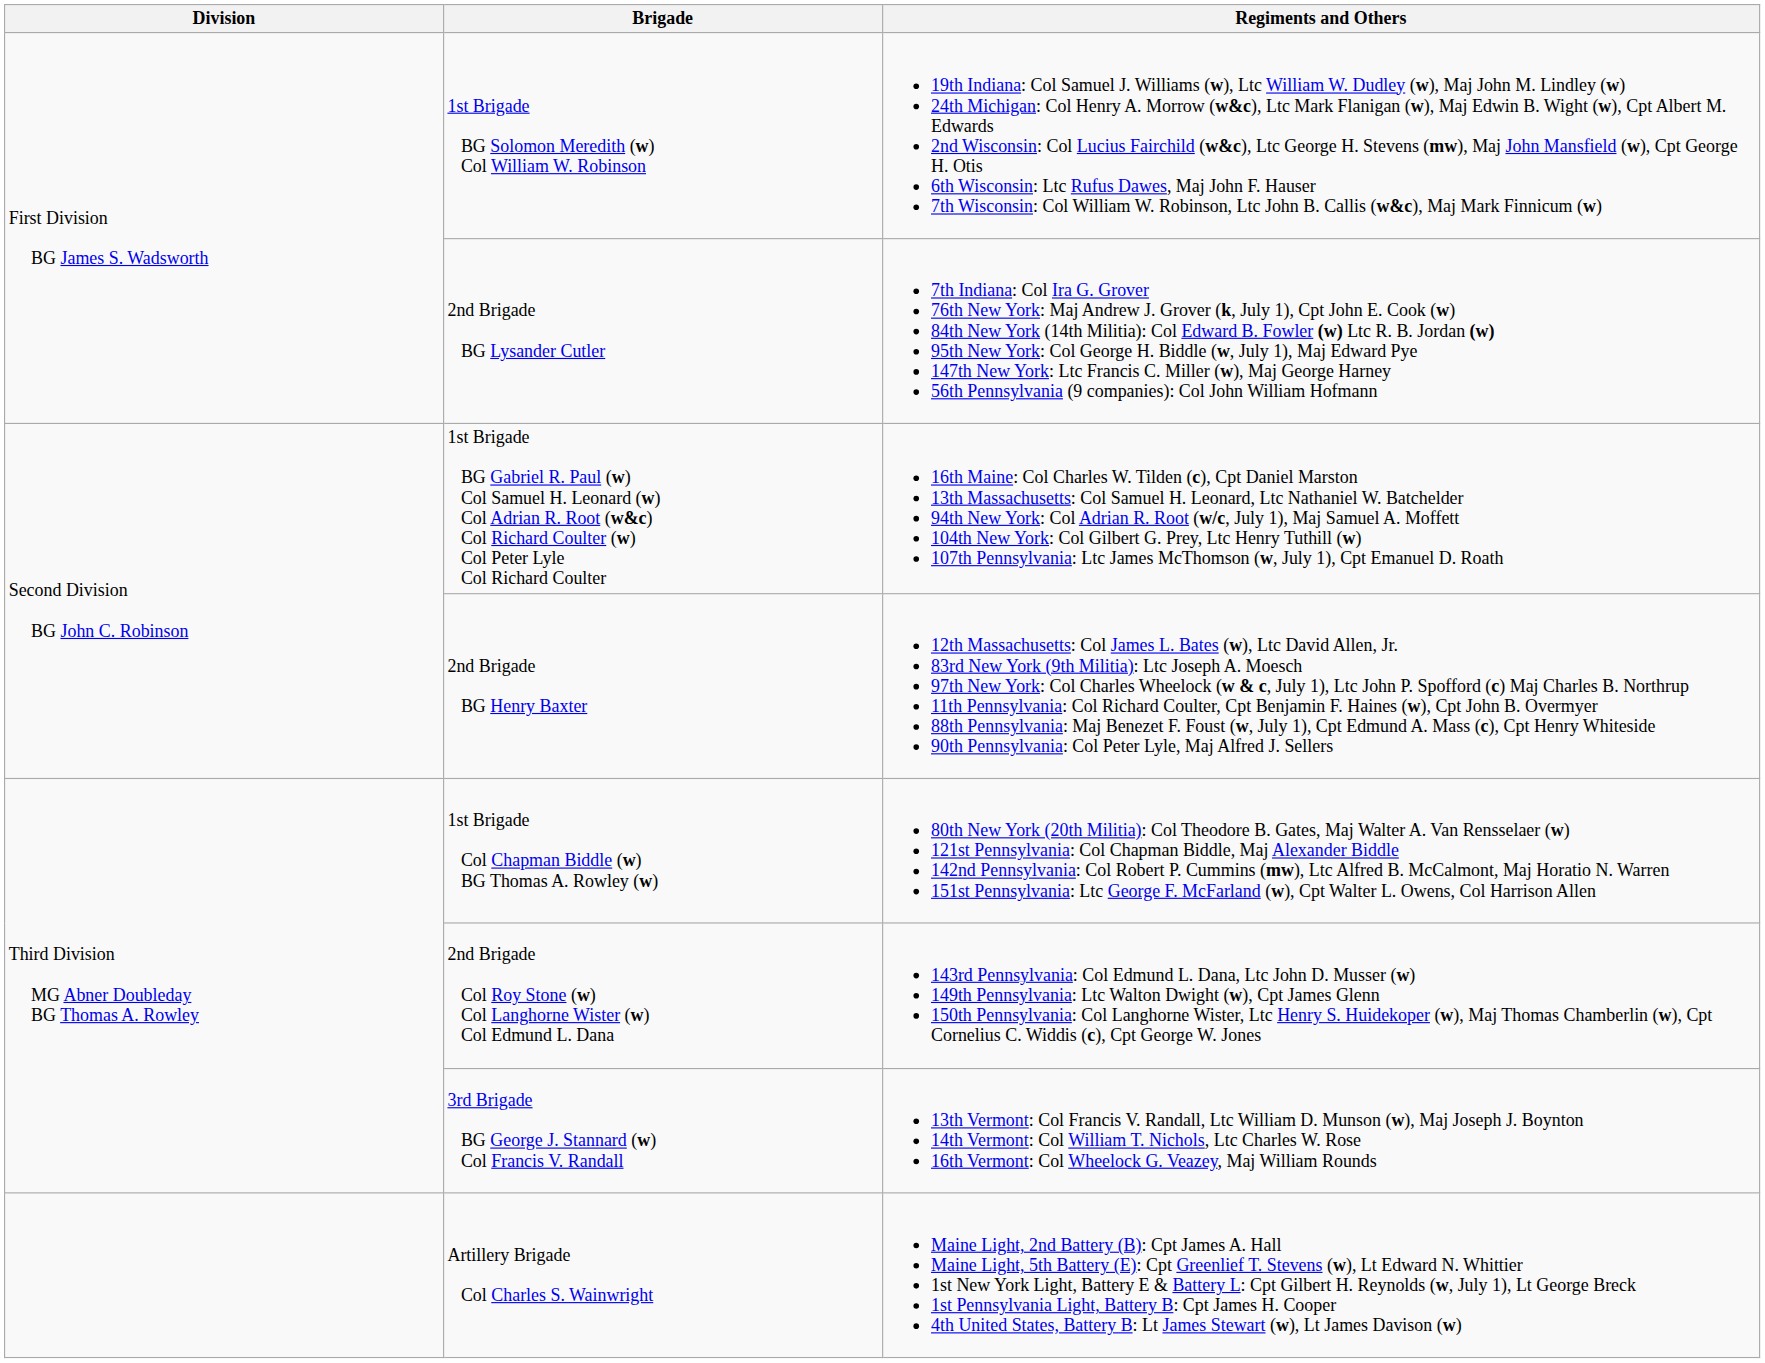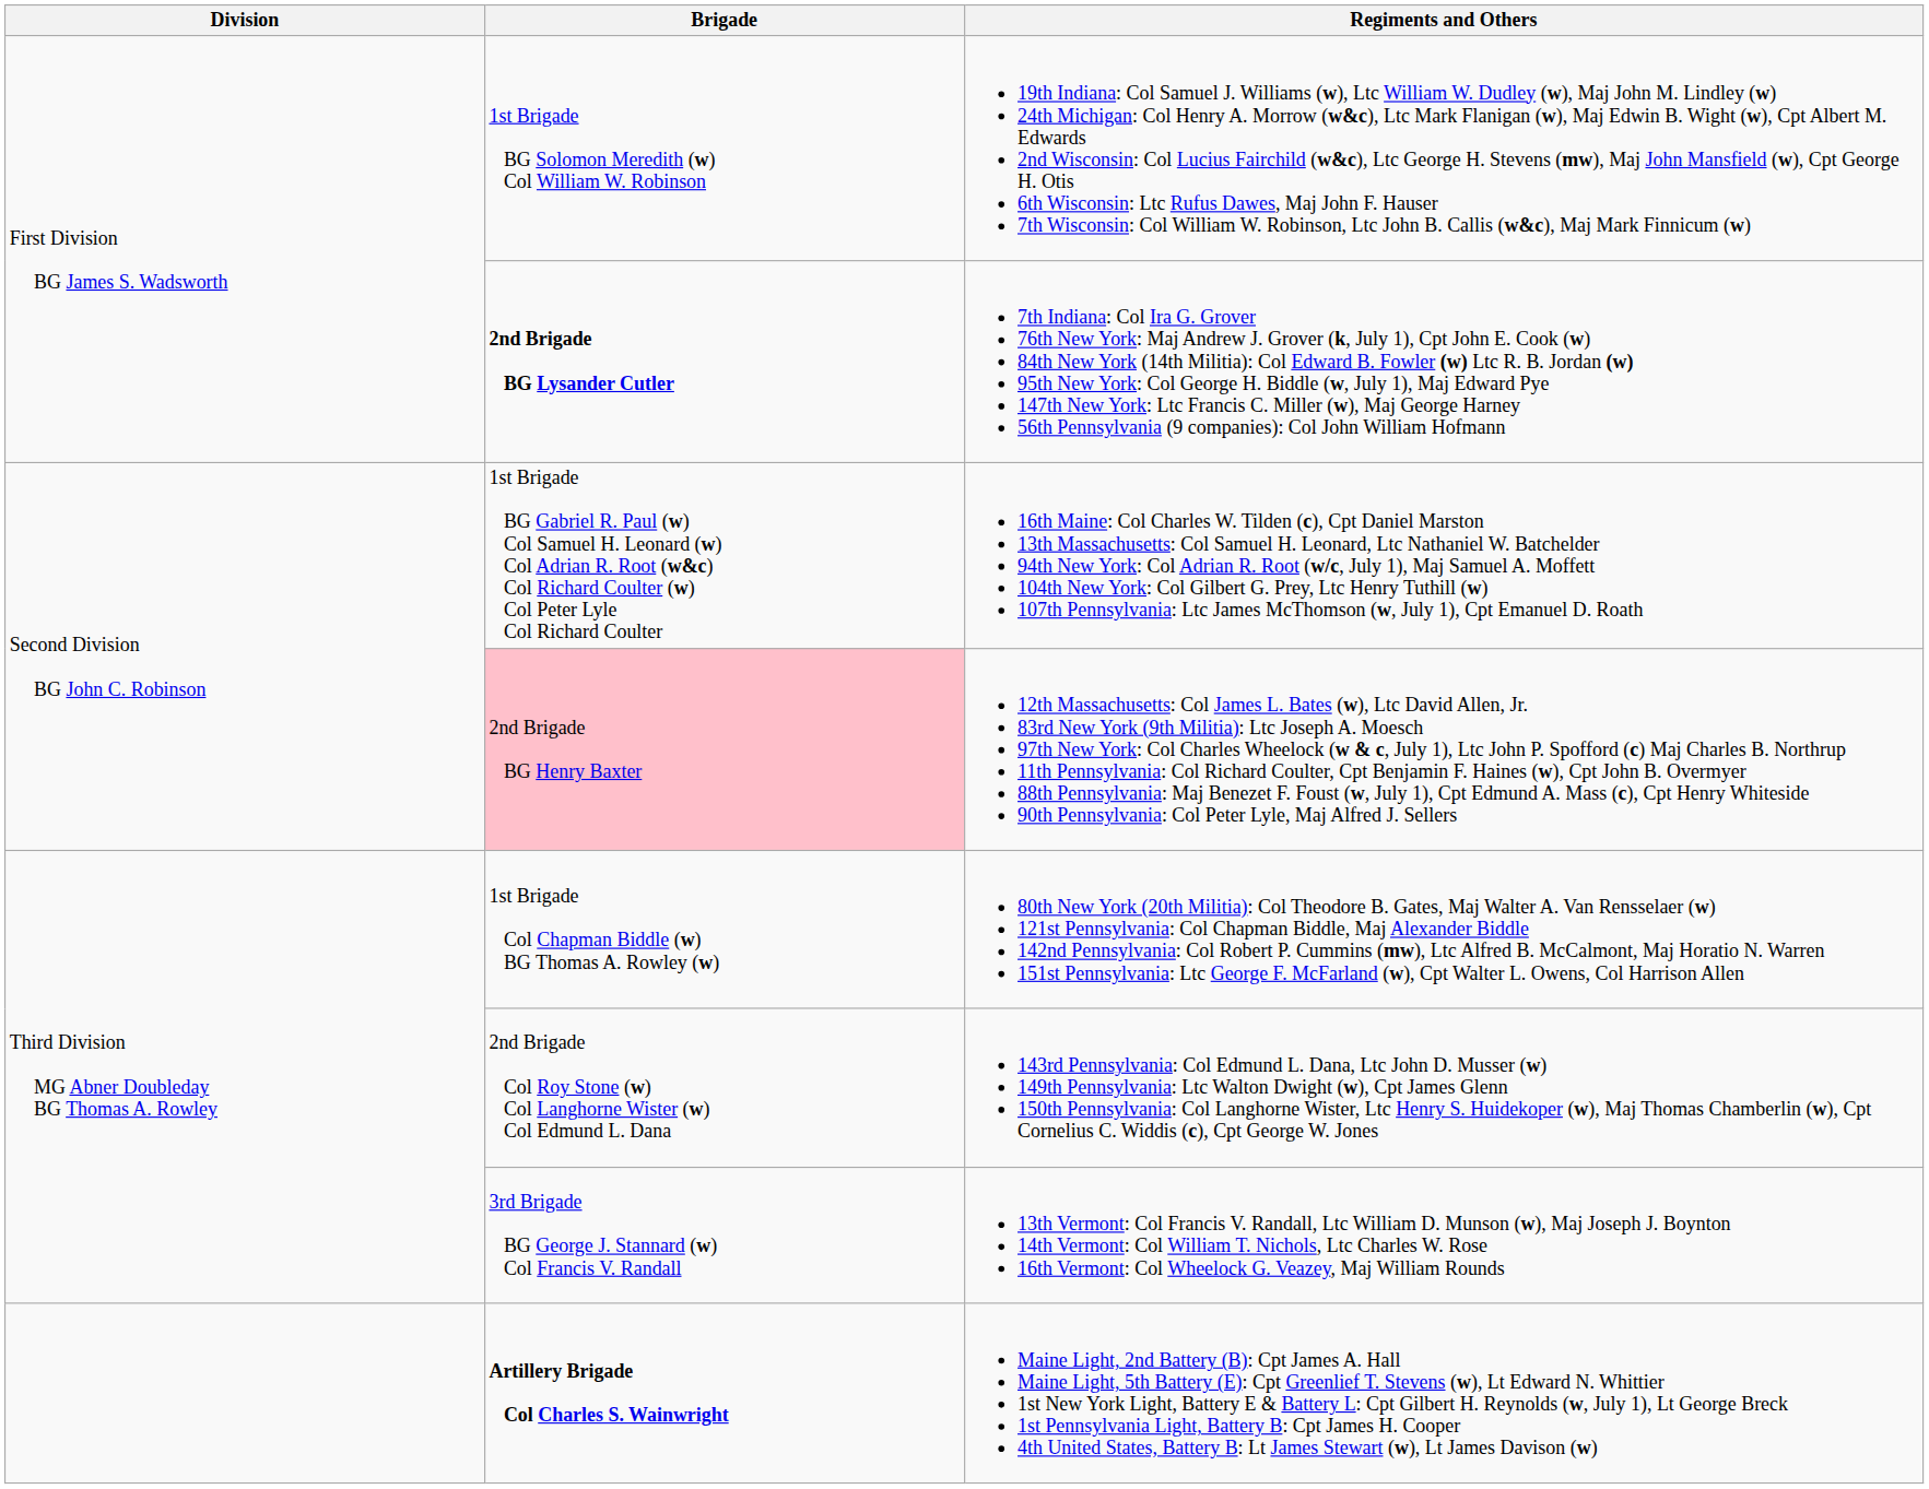 <table class="wikitable">
 <tr>
 <th style="width:25%;">Division</th>
 <th style="width:25%;">Brigade</th>
 <th>Regiments and Others</th>
 </tr>
 <tr>
 <td rowspan=2><br>First Division<br>  <br>     BG <a href='#'>James S. Wadsworth</a></td>
 <td><a href='#'>1st Brigade</a><br><br>   BG <a href='#'>Solomon Meredith</a> (<strong>w</strong>) <br>   Col <a href='#'>William W. Robinson</a></td>
 <td><br><ul><li><a href='#'>19th Indiana</a>: Col Samuel J. Williams (<strong>w</strong>), Ltc <a href='#'>William W. Dudley</a> (<strong>w</strong>), Maj John M. Lindley (<strong>w</strong>)</li><li><a href='#'>24th Michigan</a>: Col Henry A. Morrow (<strong>w&c</strong>), Ltc Mark Flanigan (<strong>w</strong>), Maj Edwin B. Wight (<strong>w</strong>), Cpt Albert M. Edwards</li><li><a href='#'>2nd Wisconsin</a>: Col <a href='#'>Lucius Fairchild</a> (<strong>w&c</strong>), Ltc George H. Stevens (<strong>mw</strong>), Maj <a href='#'>John Mansfield</a> (<strong>w</strong>), Cpt George H. Otis</li><li><a href='#'>6th Wisconsin</a>: Ltc <a href='#'>Rufus Dawes</a>, Maj John F. Hauser</li><li><a href='#'>7th Wisconsin</a>: Col William W. Robinson, Ltc John B. Callis (<strong>w&c</strong>), Maj Mark Finnicum (<strong>w</strong>)</li></ul></td>
 </tr>
 <tr>
-<td>2nd Brigade<br><br>   BG <a href='#'>Lysander Cutler</a></td>
+<td><strong>2nd Brigade<br><br>   BG <a href='#'>Lysander Cutler</a></strong></td>
 <td><br><ul><li><a href='#'>7th Indiana</a>: Col <a href='#'>Ira G. Grover</a></li><li><a href='#'>76th New York</a>: Maj Andrew J. Grover (<strong>k</strong>, July 1), Cpt John E. Cook (<strong>w</strong>)</li><li><a href='#'>84th New York</a> (14th Militia): Col <a href='#'>Edward B. Fowler</a> <strong>(w)</strong> Ltc R. B. Jordan <strong>(w)</strong></li><li><a href='#'>95th New York</a>: Col George H. Biddle (<strong>w</strong>, July 1), Maj Edward Pye</li><li><a href='#'>147th New York</a>: Ltc Francis C. Miller (<strong>w</strong>), Maj George Harney</li><li><a href='#'>56th Pennsylvania</a> (9 companies): Col John William Hofmann</li></ul></td>
 </tr>
 <tr>
 <td rowspan=2><br>Second Division<br>  <br>     BG <a href='#'>John C. Robinson</a></td>
 <td>1st Brigade<br><br>   BG <a href='#'>Gabriel R. Paul</a> (<strong>w</strong>) <br>   Col Samuel H. Leonard (<strong>w</strong>) <br>   Col <a href='#'>Adrian R. Root</a> (<strong>w&c</strong>) <br>   Col <a href='#'>Richard Coulter</a> (<strong>w</strong>) <br>   Col Peter Lyle <br>   Col Richard Coulter</td>
 <td><br><ul><li><a href='#'>16th Maine</a>: Col Charles W. Tilden (<strong>c</strong>), Cpt Daniel Marston</li><li><a href='#'>13th Massachusetts</a>: Col Samuel H. Leonard, Ltc Nathaniel W. Batchelder</li><li><a href='#'>94th New York</a>: Col <a href='#'>Adrian R. Root</a> (<strong>w/c</strong>, July 1), Maj Samuel A. Moffett</li><li><a href='#'>104th New York</a>: Col Gilbert G. Prey, Ltc Henry Tuthill (<strong>w</strong>)</li><li><a href='#'>107th Pennsylvania</a>: Ltc James McThomson (<strong>w</strong>, July 1), Cpt Emanuel D. Roath</li></ul></td>
 </tr>
 <tr>
-<td>2nd Brigade<br><br>   BG <a href='#'>Henry Baxter</a></td>
+<td style="background: pink;">2nd Brigade<br><br>   BG <a href='#'>Henry Baxter</a></td>
 <td><br><ul><li><a href='#'>12th Massachusetts</a>: Col <a href='#'>James L. Bates</a> (<strong>w</strong>), Ltc David Allen, Jr.</li><li><a href='#'>83rd New York (9th Militia)</a>: Ltc Joseph A. Moesch</li><li><a href='#'>97th New York</a>: Col Charles Wheelock (<strong>w & c</strong>, July 1), Ltc John P. Spofford (<strong>c</strong>) Maj Charles B. Northrup</li><li><a href='#'>11th Pennsylvania</a>: Col Richard Coulter, Cpt Benjamin F. Haines (<strong>w</strong>), Cpt John B. Overmyer</li><li><a href='#'>88th Pennsylvania</a>: Maj Benezet F. Foust (<strong>w</strong>, July 1), Cpt Edmund A. Mass (<strong>c</strong>), Cpt Henry Whiteside</li><li><a href='#'>90th Pennsylvania</a>: Col Peter Lyle, Maj Alfred J. Sellers</li></ul></td>
 </tr>
 <tr>
 <td rowspan=3><br>Third Division<br>  <br>     MG <a href='#'>Abner Doubleday</a> <br>     BG <a href='#'>Thomas A. Rowley</a> <br>    </td>
 <td>1st Brigade<br><br>   Col <a href='#'>Chapman Biddle</a> (<strong>w</strong>) <br>   BG Thomas A. Rowley (<strong>w</strong>)</td>
 <td><br><ul><li><a href='#'>80th New York (20th Militia)</a>: Col Theodore B. Gates, Maj Walter A. Van Rensselaer (<strong>w</strong>)</li><li><a href='#'>121st Pennsylvania</a>: Col Chapman Biddle, Maj <a href='#'>Alexander Biddle</a></li><li><a href='#'>142nd Pennsylvania</a>: Col Robert P. Cummins (<strong>mw</strong>), Ltc Alfred B. McCalmont, Maj Horatio N. Warren</li><li><a href='#'>151st Pennsylvania</a>: Ltc <a href='#'>George F. McFarland</a> (<strong>w</strong>), Cpt Walter L. Owens, Col Harrison Allen</li></ul></td>
 </tr>
 <tr>
 <td>2nd Brigade<br><br>   Col <a href='#'>Roy Stone</a> (<strong>w</strong>) <br>   Col <a href='#'>Langhorne Wister</a> (<strong>w</strong>) <br>   Col Edmund L. Dana</td>
 <td><br><ul><li><a href='#'>143rd Pennsylvania</a>: Col Edmund L. Dana, Ltc John D. Musser (<strong>w</strong>)</li><li><a href='#'>149th Pennsylvania</a>: Ltc Walton Dwight (<strong>w</strong>), Cpt James Glenn</li><li><a href='#'>150th Pennsylvania</a>: Col Langhorne Wister, Ltc <a href='#'>Henry S. Huidekoper</a> (<strong>w</strong>), Maj Thomas Chamberlin (<strong>w</strong>), Cpt Cornelius C. Widdis (<strong>c</strong>), Cpt George W. Jones</li></ul></td>
 </tr>
 <tr>
 <td><a href='#'>3rd Brigade</a><br><br>   BG <a href='#'>George J. Stannard</a> (<strong>w</strong>) <br>   Col <a href='#'>Francis V. Randall</a></td>
 <td><br><ul><li><a href='#'>13th Vermont</a>: Col Francis V. Randall, Ltc William D. Munson (<strong>w</strong>), Maj Joseph J. Boynton</li><li><a href='#'>14th Vermont</a>: Col <a href='#'>William T. Nichols</a>, Ltc Charles W. Rose</li><li><a href='#'>16th Vermont</a>: Col <a href='#'>Wheelock G. Veazey</a>, Maj William Rounds</li></ul></td>
 </tr>
 <tr>
 <td></td>
-<td>Artillery Brigade<br><br>   Col <a href='#'>Charles S. Wainwright</a></td>
+<td><strong>Artillery Brigade<br><br>   Col <a href='#'>Charles S. Wainwright</a></strong></td>
 <td><br><ul><li><a href='#'>Maine Light, 2nd Battery (B)</a>: Cpt James A. Hall</li><li><a href='#'>Maine Light, 5th Battery (E)</a>: Cpt <a href='#'>Greenlief T. Stevens</a> (<strong>w</strong>), Lt Edward N. Whittier</li><li>1st New York Light, Battery E & <a href='#'>Battery L</a>: Cpt Gilbert H. Reynolds (<strong>w</strong>, July 1), Lt George Breck</li><li><a href='#'>1st Pennsylvania Light, Battery B</a>: Cpt James H. Cooper</li><li><a href='#'>4th United States, Battery B</a>: Lt <a href='#'>James Stewart</a> (<strong>w</strong>), Lt James Davison (<strong>w</strong>)</li></ul></td>
 </tr>
 </table>
